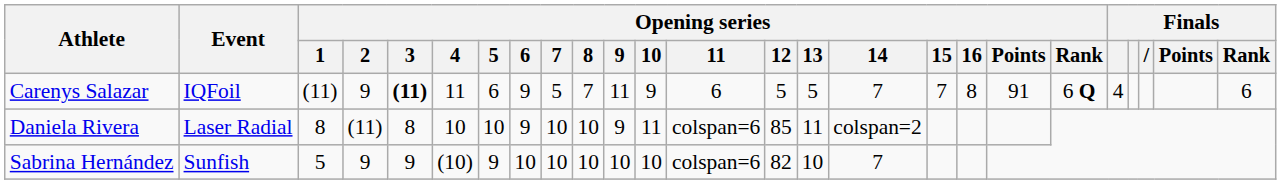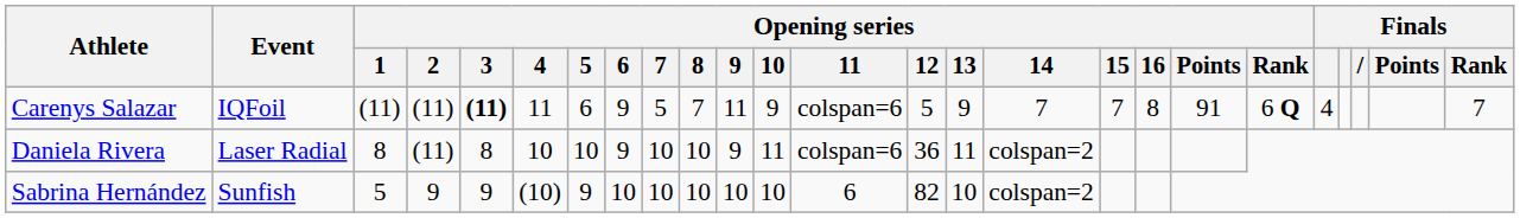 <table class=wikitable style=font-size:90%;text-align:center>
 <tr>
 <th rowspan=2>Athlete</th>
 <th rowspan=2>Event</th>
 <th colspan=18>Opening series</th>
 <th colspan=5>Finals</th>
 </tr>
 <tr style=font-size:95%>
 <th>1</th>
 <th>2</th>
 <th>3</th>
 <th>4</th>
 <th>5</th>
 <th>6</th>
 <th>7</th>
 <th>8</th>
 <th>9</th>
 <th>10</th>
 <th>11</th>
 <th>12</th>
 <th>13</th>
 <th>14</th>
 <th>15</th>
 <th>16</th>
 <th>Points</th>
 <th>Rank</th>
 <th></th>
 <th></th>
 <th> / </th>
 <th>Points</th>
 <th>Rank</th>
 </tr>
 <tr>
 <td align=left><a href='#'>Carenys Salazar</a></td>
 <td align=left><a href='#'>IQFoil</a></td>
 <td>(11)<br></td>
-<td>9</td>
+<td>(11)<br></td>
 <td><strong>(11)<br></strong></td>
 <td>11<br></td>
 <td>6</td>
 <td>9</td>
 <td>5</td>
 <td>7</td>
 <td>11<br></td>
 <td>9</td>
-<td>6</td>
+<td>colspan=6 </td>
 <td>5</td>
-<td>5</td>
+<td>9</td>
 <td>7</td>
 <td>7</td>
 <td>8</td>
 <td>91</td>
 <td>6 <strong>Q</strong></td>
 <td>4</td>
 <td></td>
 <td></td>
 <td></td>
-<td>6</td>
+<td>7</td>
 </tr>
 <tr>
 <td align=left><a href='#'>Daniela Rivera</a></td>
 <td align=left><a href='#'>Laser Radial</a></td>
 <td>8</td>
 <td>(11)</td>
 <td>8</td>
 <td>10</td>
 <td>10</td>
 <td>9</td>
 <td>10</td>
 <td>10</td>
 <td>9</td>
 <td>11</td>
 <td>colspan=6 </td>
-<td>85</td>
+<td>36</td>
 <td>11</td>
 <td>colspan=2 </td>
 <td></td>
 <td></td>
 <td></td>
 </tr>
 <tr>
 <td align=left><a href='#'>Sabrina Hernández</a></td>
 <td align=left><a href='#'>Sunfish</a></td>
 <td>5</td>
 <td>9</td>
 <td>9</td>
 <td>(10)</td>
 <td>9</td>
 <td>10</td>
 <td>10</td>
 <td>10</td>
 <td>10</td>
 <td>10</td>
-<td>colspan=6 </td>
+<td>6</td>
 <td>82</td>
 <td>10</td>
-<td>7</td>
+<td>colspan=2 </td>
 <td></td>
 <td></td>
 </tr>
 </table>
